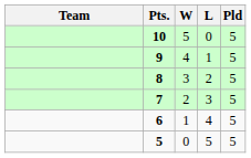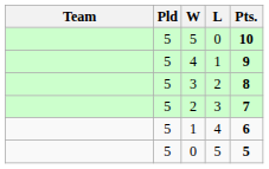 <table class=wikitable style="text-align:center">
 <tr>
 <th width=160>Team</th>
-<th width=30>Pts.</th>
+<th width=20>Pld</th>
 <th width=20>W</th>
 <th width=20>L</th>
-<th width=20>Pld</th>
+<th width=30>Pts.</th>
 </tr>
 <tr bgcolor=ccffcc>
 <td align=left></td>
+<td>5</td>
+<td>5</td>
+<td>0</td>
 <td><strong>10</strong></td>
+</tr>
+<tr bgcolor=ccffcc>
+<td align=left></td>
+<td>5</td>
+<td>4</td>
+<td>1</td>
+<td><strong>9</strong></td>
+</tr>
+<tr bgcolor=ccffcc>
+<td align=left></td>
+<td>5</td>
+<td>3</td>
+<td>2</td>
+<td><strong>8</strong></td>
+</tr>
+<tr bgcolor=ccffcc>
+<td align=left></td>
+<td>5</td>
+<td>2</td>
+<td>3</td>
+<td><strong>7</strong></td>
+</tr>
+<tr bgcolor=>
+<td align=left></td>
+<td>5</td>
+<td>1</td>
+<td>4</td>
+<td><strong>6</strong></td>
+</tr>
+<tr bgcolor=>
+<td align=left></td>
 <td>5</td>
 <td>0</td>
 <td>5</td>
-</tr>
-<tr bgcolor=ccffcc>
-<td align=left></td>
-<td><strong>9</strong></td>
-<td>4</td>
-<td>1</td>
-<td>5</td>
-</tr>
-<tr bgcolor=ccffcc>
-<td align=left></td>
-<td><strong>8</strong></td>
-<td>3</td>
-<td>2</td>
-<td>5</td>
-</tr>
-<tr bgcolor=ccffcc>
-<td align=left></td>
-<td><strong>7</strong></td>
-<td>2</td>
-<td>3</td>
-<td>5</td>
-</tr>
-<tr bgcolor=>
-<td align=left></td>
-<td><strong>6</strong></td>
-<td>1</td>
-<td>4</td>
-<td>5</td>
-</tr>
-<tr bgcolor=>
-<td align=left></td>
 <td><strong>5</strong></td>
-<td>0</td>
-<td>5</td>
-<td>5</td>
 </tr>
 </table>
